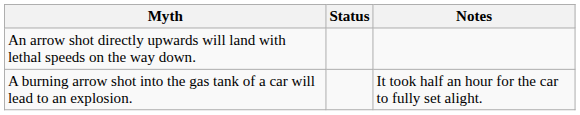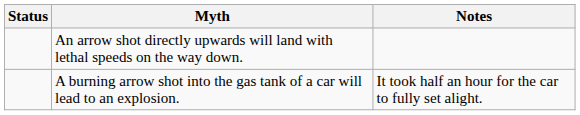 <table class="wikitable">
 <tr>
+<th>Status</th>
 <th>Myth</th>
-<th>Status</th>
 <th>Notes</th>
 </tr>
 <tr>
+<td></td>
 <td>An arrow shot directly upwards will land with lethal speeds on the way down.</td>
-<td></td>
 <td></td>
 </tr>
 <tr>
+<td></td>
 <td>A burning arrow shot into the gas tank of a car will lead to an explosion.</td>
-<td></td>
 <td>It took half an hour for the car to fully set alight.</td>
 </tr>
 </table>
